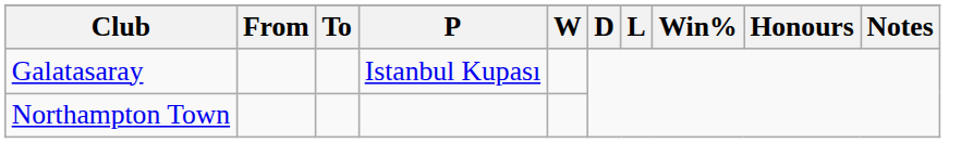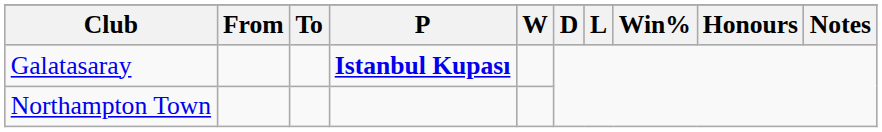 <table class="wikitable sortable" style="text-align: center">
 <tr>
 </tr>
 <tr>
 <th>Club</th>
 <th>From</th>
 <th class="unsortable">To</th>
 <th>P</th>
 <th>W</th>
 <th>D</th>
 <th>L</th>
 <th>Win%</th>
 <th class="unsortable">Honours</th>
 <th class="unsortable">Notes</th>
 </tr>
 <tr>
 <td align=left><a href='#'>Galatasaray</a></td>
 <td></td>
 <td><br></td>
-<td><a href='#'>Istanbul Kupası</a></td>
+<td><strong><a href='#'>Istanbul Kupası</a></strong></td>
 <td></td>
 </tr>
 <tr>
 <td align=left><a href='#'>Northampton Town</a></td>
 <td></td>
 <td><br></td>
 <td></td>
 <td></td>
 </tr>
 </table>
